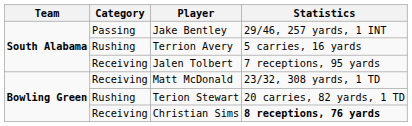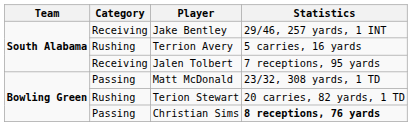 <table class="wikitable" style="float: left;">
 <tr>
 <th>Team</th>
 <th>Category</th>
 <th>Player</th>
 <th>Statistics</th>
 </tr>
 <tr>
 <td rowspan=3><strong>South Alabama</strong></td>
-<td>Passing</td>
+<td>Receiving</td>
 <td>Jake Bentley</td>
 <td>29/46, 257 yards, 1 INT</td>
 </tr>
 <tr>
 <td>Rushing</td>
 <td>Terrion Avery</td>
 <td>5 carries, 16 yards</td>
 </tr>
 <tr>
 <td>Receiving</td>
 <td>Jalen Tolbert</td>
 <td>7 receptions, 95 yards</td>
 </tr>
 <tr>
 <td rowspan=3><strong>Bowling Green</strong></td>
-<td>Receiving</td>
+<td>Passing</td>
 <td>Matt McDonald</td>
 <td>23/32, 308 yards, 1 TD</td>
 </tr>
 <tr>
 <td>Rushing</td>
 <td>Terion Stewart</td>
 <td>20 carries, 82 yards, 1 TD</td>
 </tr>
 <tr>
-<td>Receiving</td>
+<td>Passing</td>
 <td>Christian Sims</td>
 <td><strong>8 receptions, 76 yards</strong></td>
 </tr>
 </table>
